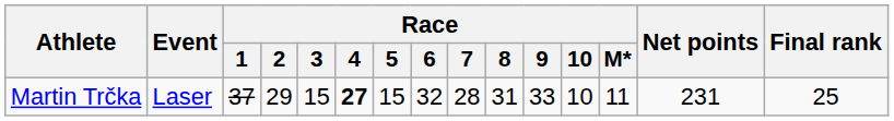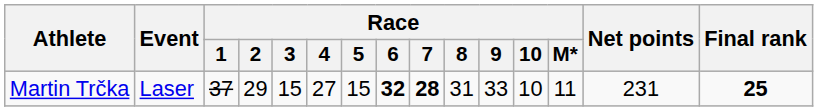 <table class="wikitable" style="font-size:90%">
 <tr>
 <th rowspan=2>Athlete</th>
 <th rowspan=2>Event</th>
 <th colspan=11>Race</th>
 <th rowspan=2>Net points</th>
 <th rowspan=2>Final rank</th>
 </tr>
 <tr style="font-size:95%">
 <th>1</th>
 <th>2</th>
 <th>3</th>
 <th>4</th>
 <th>5</th>
 <th>6</th>
 <th>7</th>
 <th>8</th>
 <th>9</th>
 <th>10</th>
 <th>M*</th>
 </tr>
 <tr align=center>
 <td align=left><a href='#'>Martin Trčka</a></td>
 <td align=left><a href='#'>Laser</a></td>
 <td><s>37</s></td>
 <td>29</td>
 <td>15</td>
-<td><strong>27</strong></td>
+<td>27</td>
 <td>15</td>
-<td>32</td>
-<td>28</td>
+<td><strong>32</strong></td>
+<td><strong>28</strong></td>
 <td>31</td>
 <td>33</td>
 <td>10</td>
 <td>11</td>
 <td>231</td>
-<td>25</td>
+<td><strong>25</strong></td>
 </tr>
 </table>
